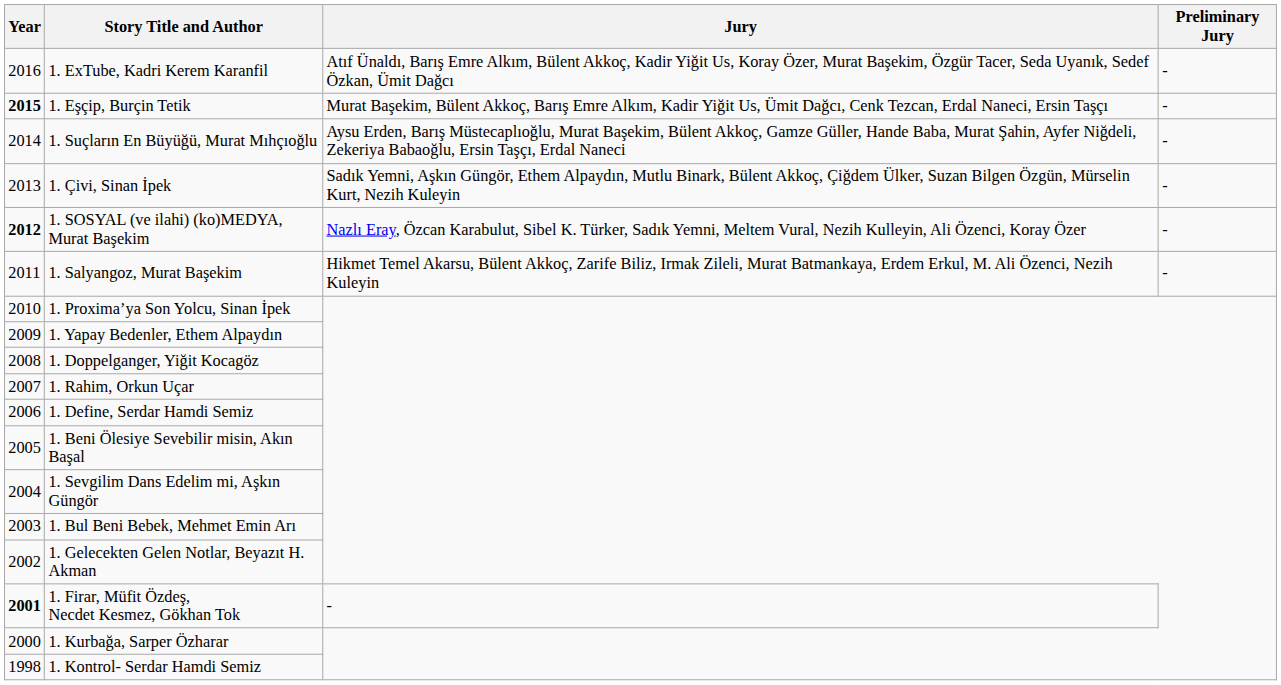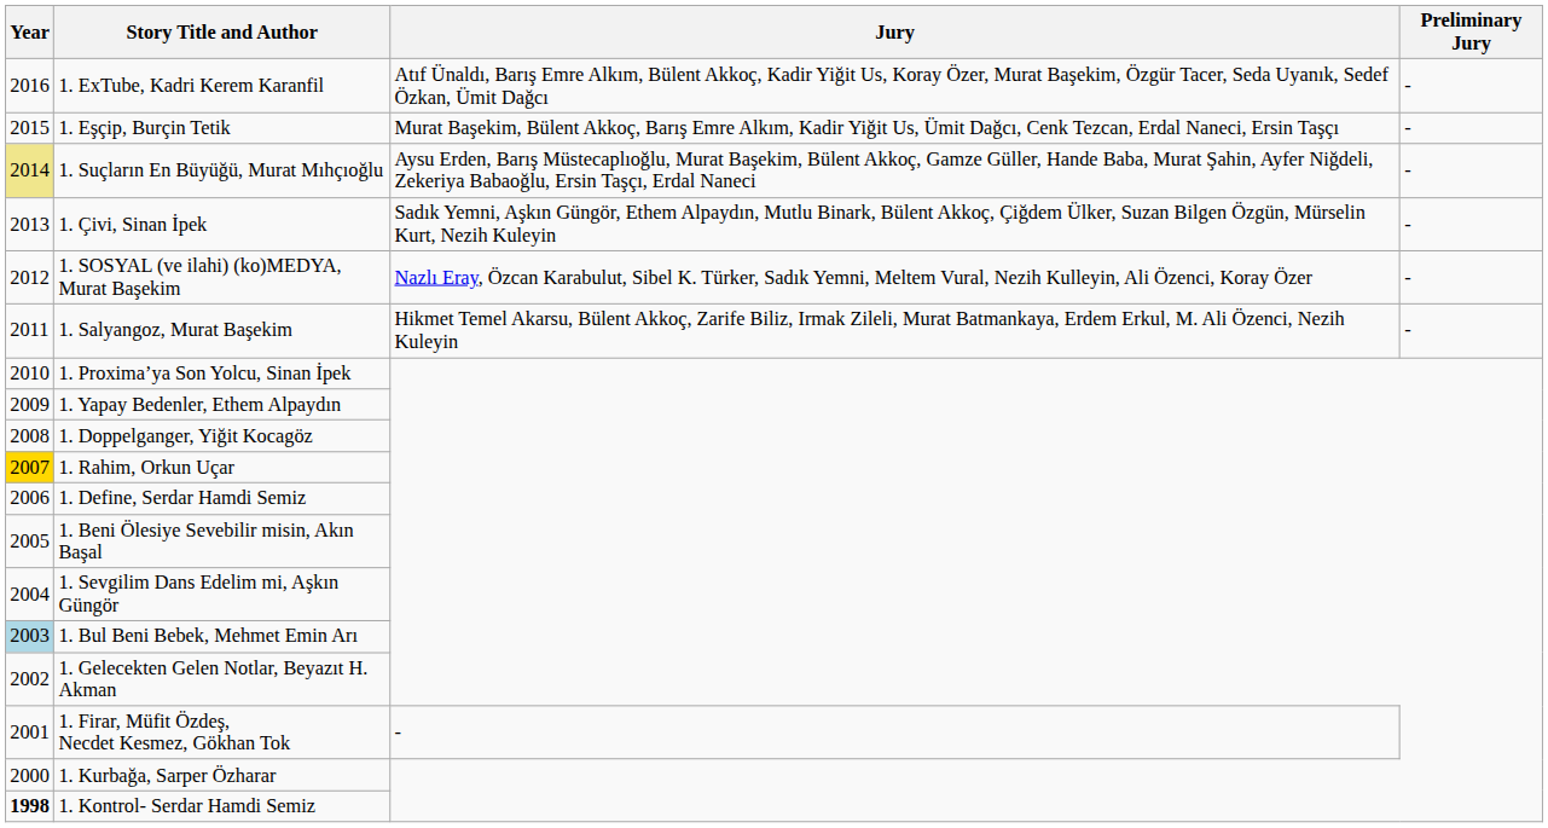 <table class="wikitable">
 <tr>
 <th>Year</th>
 <th>Story Title and Author</th>
 <th>Jury</th>
 <th>Preliminary Jury</th>
 </tr>
 <tr>
 <td>2016</td>
 <td>1. ExTube, Kadri Kerem Karanfil<br></td>
 <td>Atıf Ünaldı, Barış Emre Alkım, Bülent Akkoç, Kadir Yiğit Us, Koray Özer, Murat Başekim, Özgür Tacer, Seda Uyanık, Sedef Özkan, Ümit Dağcı</td>
 <td>-</td>
 </tr>
 <tr>
-<td><strong>2015</strong></td>
+<td>2015</td>
 <td>1. Eşçip, Burçin Tetik<br></td>
 <td>Murat Başekim, Bülent Akkoç, Barış Emre Alkım, Kadir Yiğit Us, Ümit Dağcı, Cenk Tezcan, Erdal Naneci, Ersin Taşçı</td>
 <td>-</td>
 </tr>
 <tr>
-<td>2014</td>
+<td style="background: khaki;">2014</td>
 <td>1. Suçların En Büyüğü, Murat Mıhçıoğlu<br></td>
 <td>Aysu Erden, Barış Müstecaplıoğlu, Murat Başekim, Bülent Akkoç, Gamze Güller, Hande Baba, Murat Şahin, Ayfer Niğdeli, Zekeriya Babaoğlu, Ersin Taşçı, Erdal Naneci</td>
 <td>-</td>
 </tr>
 <tr>
 <td>2013</td>
 <td>1. Çivi, Sinan İpek<br></td>
 <td>Sadık Yemni, Aşkın Güngör, Ethem Alpaydın, Mutlu Binark, Bülent Akkoç, Çiğdem Ülker, Suzan Bilgen Özgün, Mürselin Kurt, Nezih Kuleyin</td>
 <td>-</td>
 </tr>
 <tr>
-<td><strong>2012</strong></td>
+<td>2012</td>
 <td>1. SOSYAL (ve ilahi) (ko)MEDYA, Murat Başekim<br></td>
 <td><a href='#'>Nazlı Eray</a>, Özcan Karabulut, Sibel K. Türker, Sadık Yemni, Meltem Vural, Nezih Kulleyin, Ali Özenci, Koray Özer</td>
 <td>-</td>
 </tr>
 <tr>
 <td>2011</td>
 <td>1. Salyangoz, Murat Başekim<br></td>
 <td>Hikmet Temel Akarsu, Bülent Akkoç, Zarife Biliz, Irmak Zileli, Murat Batmankaya, Erdem Erkul, M. Ali Özenci, Nezih Kuleyin</td>
 <td>-</td>
 </tr>
 <tr>
 <td>2010</td>
 <td>1. Proxima’ya Son Yolcu, Sinan İpek<br></td>
 </tr>
 <tr>
 <td>2009</td>
 <td>1. Yapay Bedenler, Ethem Alpaydın<br></td>
 </tr>
 <tr>
 <td>2008</td>
 <td>1. Doppelganger, Yiğit Kocagöz<br></td>
 </tr>
 <tr>
-<td>2007</td>
+<td style="background: gold;">2007</td>
 <td>1. Rahim, Orkun Uçar<br></td>
 </tr>
 <tr>
 <td>2006</td>
 <td>1. Define, Serdar Hamdi Semiz<br></td>
 </tr>
 <tr>
 <td>2005</td>
 <td>1. Beni Ölesiye Sevebilir misin, Akın Başal<br></td>
 </tr>
 <tr>
 <td>2004</td>
 <td>1. Sevgilim Dans Edelim mi, Aşkın Güngör<br></td>
 </tr>
 <tr>
-<td>2003</td>
+<td style="background: lightblue;">2003</td>
 <td>1. Bul Beni Bebek, Mehmet Emin Arı<br></td>
 </tr>
 <tr>
 <td>2002</td>
 <td>1. Gelecekten Gelen Notlar, Beyazıt H. Akman<br></td>
 </tr>
 <tr>
-<td><strong>2001</strong></td>
+<td>2001</td>
 <td>1. Firar, Müfit Özdeş,<br>Necdet Kesmez, Gökhan Tok</td>
 <td>-</td>
 </tr>
 <tr>
 <td>2000</td>
 <td>1. Kurbağa, Sarper Özharar<br></td>
 </tr>
 <tr>
-<td>1998</td>
+<td><strong>1998</strong></td>
 <td>1. Kontrol- Serdar Hamdi Semiz<br></td>
 </tr>
 </table>
